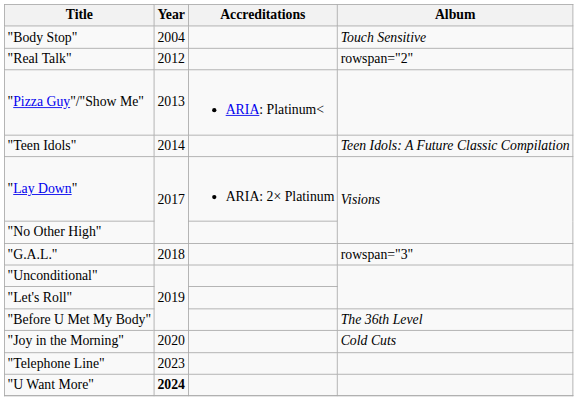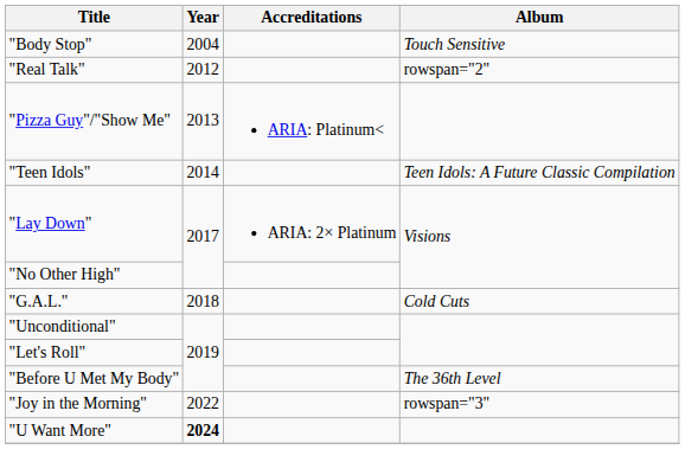 <table class="wikitable">
 <tr>
 <th scope="col">Title</th>
 <th scope="col">Year</th>
 <th scope="col">Accreditations</th>
 <th scope="col">Album</th>
 </tr>
 <tr>
 <td>"Body Stop"</td>
 <td>2004</td>
 <td></td>
 <td><em>Touch Sensitive</em></td>
 </tr>
 <tr>
 <td>"Real Talk" </td>
 <td>2012</td>
 <td></td>
 <td>rowspan="2" </td>
 </tr>
 <tr>
 <td>"<a href='#'>Pizza Guy</a>"/"Show Me"</td>
 <td>2013</td>
 <td><br><ul><li><a href='#'>ARIA</a>: Platinum<</li></ul></td>
 </tr>
 <tr>
 <td>"Teen Idols"</td>
 <td>2014</td>
 <td></td>
 <td><em>Teen Idols: A Future Classic Compilation</em></td>
 </tr>
 <tr>
 <td>"<a href='#'>Lay Down</a>"</td>
 <td rowspan="2">2017</td>
 <td><br><ul><li>ARIA: 2× Platinum</li></ul></td>
 <td rowspan="2"><em>Visions</em></td>
 </tr>
 <tr>
 <td>"No Other High" </td>
 <td></td>
 </tr>
 <tr>
 <td>"G.A.L." </td>
 <td>2018</td>
 <td></td>
-<td>rowspan="3" </td>
+<td><em>Cold Cuts</em></td>
 </tr>
 <tr>
 <td>"Unconditional" </td>
 <td rowspan="3">2019</td>
 <td></td>
 </tr>
 <tr>
 <td>"Let's Roll" </td>
 <td></td>
 </tr>
 <tr>
 <td>"Before U Met My Body"</td>
 <td></td>
 <td><em>The 36th Level</em></td>
 </tr>
 <tr>
 <td>"Joy in the Morning" </td>
-<td>2020</td>
+<td>2022</td>
 <td></td>
-<td><em>Cold Cuts</em></td>
-</tr>
-<tr>
-<td>"Telephone Line" </td>
-<td>2023</td>
-<td></td>
-<td></td>
+<td>rowspan="3" </td>
 </tr>
 <tr>
 <td>"U Want More" </td>
 <td><strong>2024</strong></td>
 <td></td>
 <td></td>
 </tr>
 <tr>
 </tr>
 </table>
